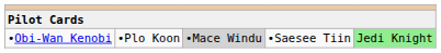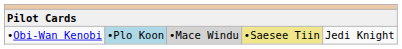 <table class="wikitable sortable">
 <tr style="background:#EACAA8;">
 <td colspan="8"></td>
 </tr>
 <tr style="background:#f0f0f0;">
 <td colspan="7"><strong>Pilot Cards</strong></td>
 </tr>
 <tr>
 <td>•<a href='#'>Obi-Wan Kenobi</a></td>
-<td>•Plo Koon</td>
+<td style="background: lightblue;">•Plo Koon</td>
 <td style="background: lightgrey;">•Mace Windu</td>
-<td>•Saesee Tiin</td>
-<td style="background: lightgreen;">Jedi Knight</td>
+<td style="background: khaki;">•Saesee Tiin</td>
+<td>Jedi Knight</td>
 </tr>
 </table>
